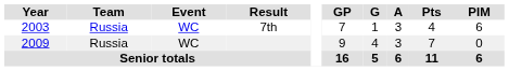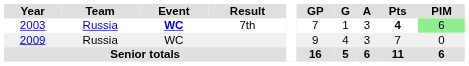 <table border="0" cellpadding="1" cellspacing="0" style="text-align:center; width:40em">
 <tr ALIGN="center" bgcolor="#e0e0e0">
 <th>Year</th>
 <th>Team</th>
 <th>Event</th>
 <th>Result</th>
 <th rowspan="99" bgcolor="#ffffff"> </th>
 <th>GP</th>
 <th>G</th>
 <th>A</th>
 <th>Pts</th>
 <th>PIM</th>
 </tr>
 <tr>
 <td><a href='#'>2003</a></td>
 <td><a href='#'>Russia</a></td>
-<td><a href='#'>WC</a></td>
+<td><strong><a href='#'>WC</a></strong></td>
 <td>7th</td>
 <td>7</td>
 <td>1</td>
 <td>3</td>
-<td>4</td>
-<td>6</td>
+<td><strong>4</strong></td>
+<td style="background: lightgreen;">6</td>
 </tr>
 <tr bgcolor="#f0f0f0">
 <td><a href='#'>2009</a></td>
 <td>Russia</td>
 <td>WC</td>
 <td></td>
 <td>9</td>
 <td>4</td>
 <td>3</td>
 <td>7</td>
 <td>0</td>
 </tr>
 <tr bgcolor="#e0e0e0">
 <th colspan=4>Senior totals</th>
 <th>16</th>
 <th>5</th>
 <th>6</th>
 <th>11</th>
 <th>6</th>
 </tr>
 </table>
